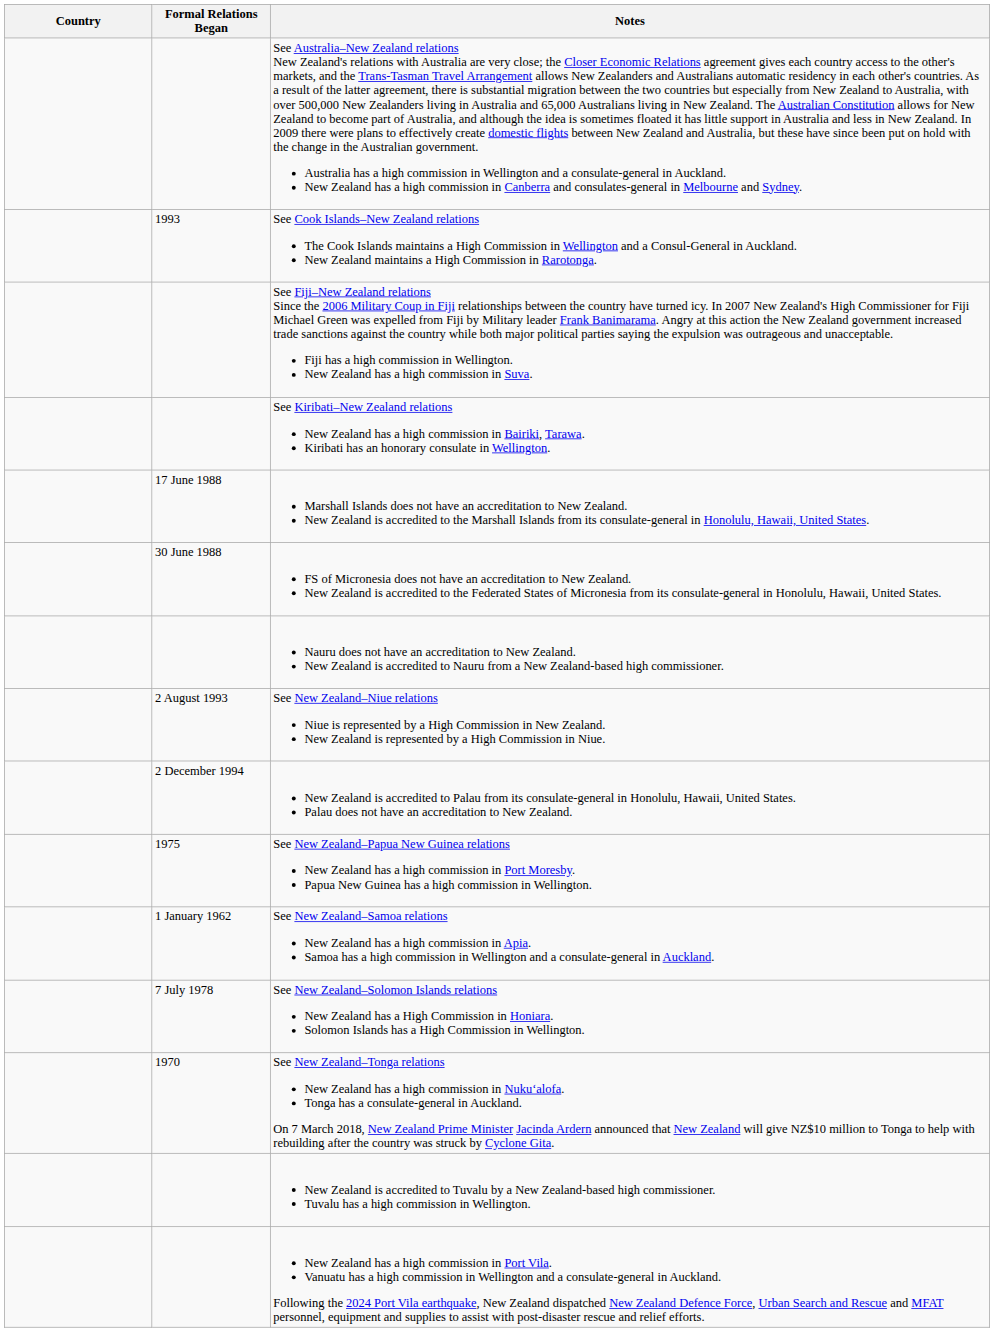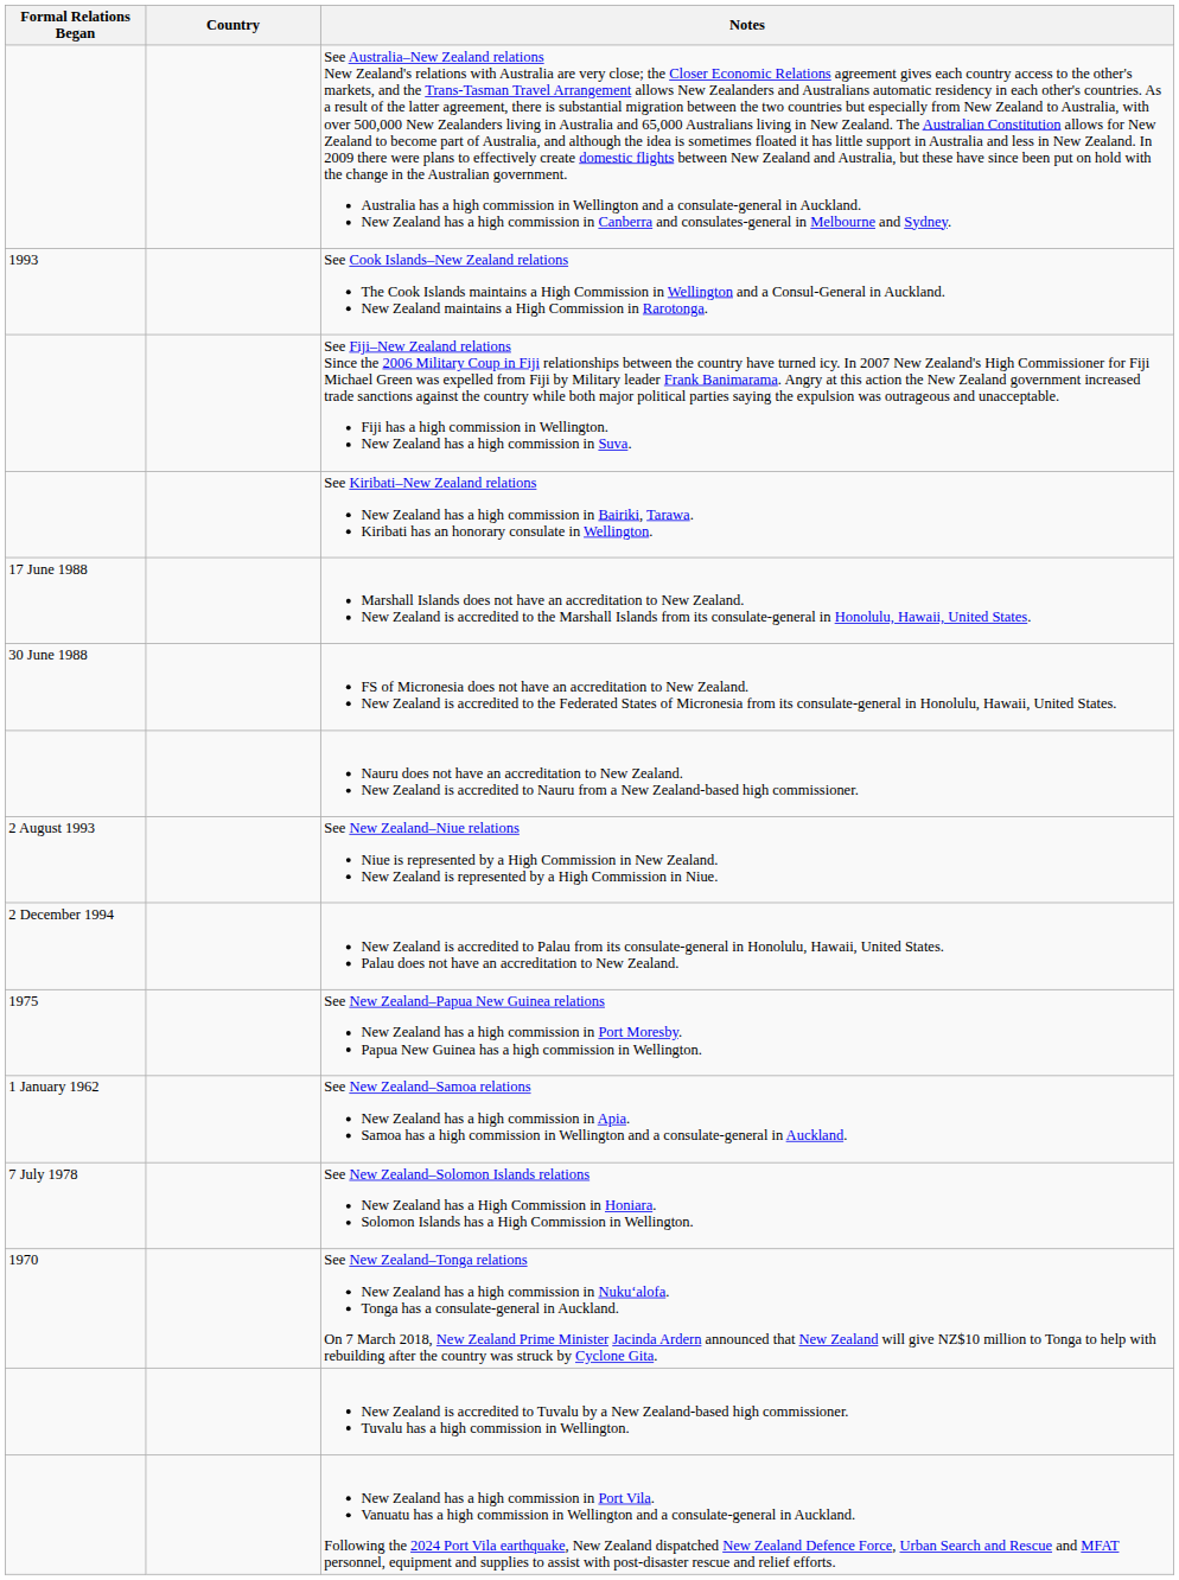 <table class="wikitable sortable" style="width:100%; margin:auto;">
 <tr>
+<th style="width:12%;">Formal Relations Began</th>
 <th style="width:15%;">Country</th>
-<th style="width:12%;">Formal Relations Began</th>
 <th>Notes</th>
 </tr>
 <tr valign="top">
 <td></td>
 <td></td>
 <td>See <a href='#'>Australia–New Zealand relations</a><br>New Zealand's relations with Australia are very close; the <a href='#'>Closer Economic Relations</a> agreement gives each country access to the other's markets, and the <a href='#'>Trans-Tasman Travel Arrangement</a> allows New Zealanders and Australians automatic residency in each other's countries. As a result of the latter agreement, there is substantial migration between the two countries but especially from New Zealand to Australia, with over 500,000 New Zealanders living in Australia and 65,000 Australians living in New Zealand. The <a href='#'>Australian Constitution</a> allows for New Zealand to become part of Australia, and although the idea is sometimes floated it has little support in Australia and less in New Zealand. In 2009 there were plans to effectively create <a href='#'>domestic flights</a> between New Zealand and Australia, but these have since been put on hold with the change in the Australian government.<ul><li>Australia has a high commission in Wellington and a consulate-general in Auckland.</li><li>New Zealand has a high commission in <a href='#'>Canberra</a> and consulates-general in <a href='#'>Melbourne</a> and <a href='#'>Sydney</a>.</li></ul></td>
 </tr>
 <tr valign="top">
+<td>1993</td>
 <td></td>
-<td>1993</td>
 <td>See <a href='#'>Cook Islands–New Zealand relations</a><br><ul><li>The Cook Islands maintains a High Commission in <a href='#'>Wellington</a> and a Consul-General in Auckland.</li><li>New Zealand maintains a High Commission in <a href='#'>Rarotonga</a>.</li></ul></td>
 </tr>
 <tr valign="top">
 <td></td>
 <td></td>
 <td>See <a href='#'>Fiji–New Zealand relations</a><br>Since the <a href='#'>2006 Military Coup in Fiji</a> relationships between the country have turned icy. In 2007 New Zealand's High Commissioner for Fiji Michael Green was expelled from Fiji by Military leader <a href='#'>Frank Banimarama</a>. Angry at this action the New Zealand government increased trade sanctions against the country while both major political parties saying the expulsion was outrageous and unacceptable.<ul><li>Fiji has a high commission in Wellington.</li><li>New Zealand has a high commission in <a href='#'>Suva</a>.</li></ul></td>
 </tr>
 <tr valign="top">
 <td></td>
 <td></td>
 <td>See <a href='#'>Kiribati–New Zealand relations</a><br><ul><li>New Zealand has a high commission in <a href='#'>Bairiki</a>, <a href='#'>Tarawa</a>.</li><li>Kiribati has an honorary consulate in <a href='#'>Wellington</a>.</li></ul></td>
 </tr>
 <tr valign="top">
+<td>17 June 1988</td>
 <td></td>
-<td>17 June 1988</td>
 <td><br><ul><li>Marshall Islands does not have an accreditation to New Zealand.</li><li>New Zealand is accredited to the Marshall Islands from its consulate-general in <a href='#'>Honolulu, Hawaii, United States</a>.</li></ul></td>
 </tr>
 <tr valign="top">
+<td>30 June 1988</td>
 <td></td>
-<td>30 June 1988</td>
 <td><br><ul><li>FS of Micronesia does not have an accreditation to New Zealand.</li><li>New Zealand is accredited to the Federated States of Micronesia from its consulate-general in Honolulu, Hawaii, United States.</li></ul></td>
 </tr>
 <tr valign="top">
 <td></td>
 <td></td>
 <td><br><ul><li>Nauru does not have an accreditation to New Zealand.</li><li>New Zealand is accredited to Nauru from a New Zealand-based high commissioner.</li></ul></td>
 </tr>
 <tr valign="top">
+<td>2 August 1993</td>
 <td></td>
-<td>2 August 1993</td>
 <td>See <a href='#'>New Zealand–Niue relations</a><br><ul><li>Niue is represented by a High Commission in New Zealand.</li><li>New Zealand is represented by a High Commission in Niue.</li></ul></td>
 </tr>
 <tr valign="top">
+<td>2 December 1994</td>
 <td></td>
-<td>2 December 1994</td>
 <td><br><ul><li>New Zealand is accredited to Palau from its consulate-general in Honolulu, Hawaii, United States.</li><li>Palau does not have an accreditation to New Zealand.</li></ul></td>
 </tr>
 <tr valign="top">
+<td>1975</td>
 <td></td>
-<td>1975</td>
 <td>See <a href='#'>New Zealand–Papua New Guinea relations</a><br><ul><li>New Zealand has a high commission in <a href='#'>Port Moresby</a>.</li><li>Papua New Guinea has a high commission in Wellington.</li></ul></td>
 </tr>
 <tr valign="top">
+<td>1 January 1962</td>
 <td></td>
-<td>1 January 1962</td>
 <td>See <a href='#'>New Zealand–Samoa relations</a><br><ul><li>New Zealand has a high commission in <a href='#'>Apia</a>.</li><li>Samoa has a high commission in Wellington and a consulate-general in <a href='#'>Auckland</a>.</li></ul></td>
 </tr>
 <tr valign="top">
+<td>7 July 1978</td>
 <td></td>
-<td>7 July 1978</td>
 <td>See <a href='#'>New Zealand–Solomon Islands relations</a><br><ul><li>New Zealand has a High Commission in <a href='#'>Honiara</a>.</li><li>Solomon Islands has a High Commission in Wellington.</li></ul></td>
 </tr>
 <tr valign="top">
+<td>1970</td>
 <td></td>
-<td>1970</td>
 <td>See <a href='#'>New Zealand–Tonga relations</a><br><ul><li>New Zealand has a high commission in <a href='#'>Nukuʻalofa</a>.</li><li>Tonga has a consulate-general in Auckland.</li></ul>On 7 March 2018, <a href='#'>New Zealand Prime Minister</a> <a href='#'>Jacinda Ardern</a> announced that <a href='#'>New Zealand</a> will give NZ$10 million to Tonga to help with rebuilding after the country was struck by <a href='#'>Cyclone Gita</a>.</td>
 </tr>
 <tr valign="top">
 <td></td>
 <td></td>
 <td><br><ul><li>New Zealand is accredited to Tuvalu by a New Zealand-based high commissioner.</li><li>Tuvalu has a high commission in Wellington.</li></ul></td>
 </tr>
 <tr valign="top">
 <td></td>
 <td></td>
 <td><br><ul><li>New Zealand has a high commission in <a href='#'>Port Vila</a>.</li><li>Vanuatu has a high commission in Wellington and a consulate-general in Auckland.</li></ul>Following the <a href='#'>2024 Port Vila earthquake</a>, New Zealand dispatched <a href='#'>New Zealand Defence Force</a>, <a href='#'>Urban Search and Rescue</a> and <a href='#'>MFAT</a> personnel, equipment and supplies to assist with post-disaster rescue and relief efforts.</td>
 </tr>
 </table>
